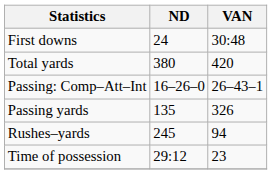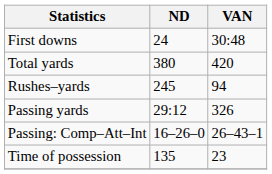 <table class="wikitable" style="float: left;">
 <tr>
 <th>Statistics</th>
 <th>ND</th>
 <th>VAN</th>
 </tr>
 <tr>
 <td>First downs</td>
 <td>24</td>
 <td>30:48</td>
 </tr>
 <tr>
 <td>Total yards</td>
 <td>380</td>
 <td>420</td>
 </tr>
 <tr>
+<td>Rushes–yards</td>
+<td>245</td>
+<td>94</td>
+</tr>
+<tr>
+<td>Passing yards</td>
+<td>29:12</td>
+<td>326</td>
+</tr>
+<tr>
 <td>Passing: Comp–Att–Int</td>
 <td>16–26–0</td>
 <td>26–43–1</td>
 </tr>
 <tr>
-<td>Passing yards</td>
+<td>Time of possession</td>
 <td>135</td>
-<td>326</td>
-</tr>
-<tr>
-<td>Rushes–yards</td>
-<td>245</td>
-<td>94</td>
-</tr>
-<tr>
-<td>Time of possession</td>
-<td>29:12</td>
 <td>23</td>
 </tr>
 <tr>
 </tr>
 </table>
